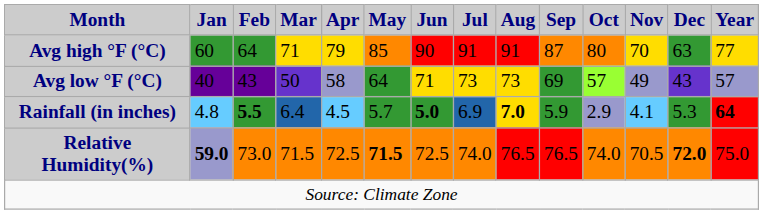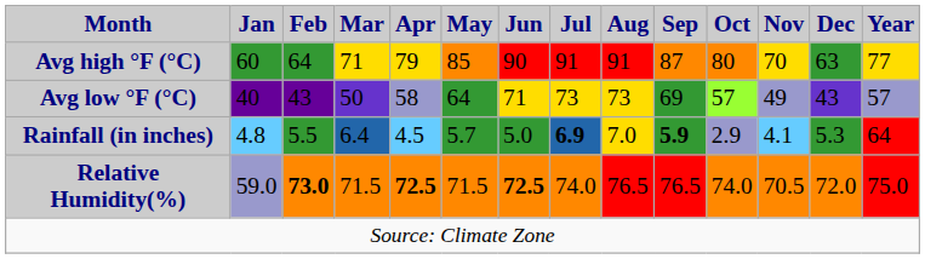 <table class="wikitable" style="margin:1em auto;">
 <tr>
 <th style="background:#ccc; color:navy; height:17px;">Month</th>
 <th style="background:#ccc; color:navy;">Jan</th>
 <th style="background:#ccc; color:navy;">Feb</th>
 <th style="background:#ccc; color:navy;">Mar</th>
 <th style="background:#ccc; color:navy;">Apr</th>
 <th style="background:#ccc; color:navy;">May</th>
 <th style="background:#ccc; color:navy;">Jun</th>
 <th style="background:#ccc; color:navy;">Jul</th>
 <th style="background:#ccc; color:navy;">Aug</th>
 <th style="background:#ccc; color:navy;">Sep</th>
 <th style="background:#ccc; color:navy;">Oct</th>
 <th style="background:#ccc; color:navy;">Nov</th>
 <th style="background:#ccc; color:navy;">Dec</th>
 <th style="background:#ccc; color:navy;">Year</th>
 </tr>
 <tr>
 <th style="background:#ccc; color:navy;">Avg high °F (°C)</th>
 <td style="background:#393; color:black;">60</td>
 <td style="background:#393; color:black;">64</td>
 <td style="background:#fd0; color:black;">71</td>
 <td style="background:#fd0; color:black;">79</td>
 <td style="background: #FF8800; color: black;">85</td>
 <td style="background:#f00; color:black;">90</td>
 <td style="background:#f00; color:black;">91</td>
 <td style="background:#f00; color:black;">91</td>
 <td style="background: #FF8800; color: black;">87</td>
 <td style="background: #FF8800; color: black;">80</td>
 <td style="background:#fd0; color:black;">70</td>
 <td style="background:#393; color:black;">63</td>
 <td style="background:#fd0; color:black;">77</td>
 </tr>
 <tr>
 <th style="background:#ccc; color:navy; height:16px;">Avg low °F (°C)</th>
 <td style="background:#609; color:black;">40</td>
 <td style="background:#609; color:black;">43</td>
 <td style="background:#63c; color:black;">50</td>
 <td style="background:#99c; color:black;">58</td>
 <td style="background:#393; color:black;">64</td>
 <td style="background:#fd0; color:black;">71</td>
 <td style="background:#fd0; color:black;">73</td>
 <td style="background:#fd0; color:black;">73</td>
 <td style="background:#393; color:black;">69</td>
 <td style="background:#9f3; color:black;">57</td>
 <td style="background:#99c; color:black;">49</td>
 <td style="background:#63c; color:black;">43</td>
 <td style="background:#99c; color:black;">57</td>
 </tr>
 <tr>
 <th style="background:#ccc; color:navy;">Rainfall (in inches)</th>
 <td style="background:#6cf;">4.8</td>
-<td style="background:#393;"><strong>5.5</strong></td>
+<td style="background:#393;">5.5</td>
 <td style="background:#26a;">6.4</td>
 <td style="background:#6cf;">4.5</td>
 <td style="background:#393;">5.7</td>
-<td style="background:#393;"><strong>5.0</strong></td>
-<td style="background:#26a;">6.9</td>
-<td style="background:#fd0;"><strong>7.0</strong></td>
-<td style="background:#393;">5.9</td>
+<td style="background:#393;">5.0</td>
+<td style="background:#26a;"><strong>6.9</strong></td>
+<td style="background:#fd0;">7.0</td>
+<td style="background:#393;"><strong>5.9</strong></td>
 <td style="background:#99c;">2.9</td>
 <td style="background:#6cf;">4.1</td>
 <td style="background:#393;">5.3</td>
-<td style="background:#f00;"><strong>64</strong></td>
+<td style="background:#f00;">64</td>
 </tr>
 <tr>
 <th style="background:#ccc; color:navy;">Relative Humidity(%)</th>
-<td style="background:#99c;"><strong>59.0</strong></td>
-<td style="background: #FF8800;">73.0</td>
+<td style="background:#99c;">59.0</td>
+<td style="background: #FF8800;"><strong>73.0</strong></td>
 <td style="background: #FF8800;">71.5</td>
-<td style="background: #FF8800;">72.5</td>
-<td style="background: #FF8800;"><strong>71.5</strong></td>
-<td style="background: #FF8800;">72.5</td>
+<td style="background: #FF8800;"><strong>72.5</strong></td>
+<td style="background: #FF8800;">71.5</td>
+<td style="background: #FF8800;"><strong>72.5</strong></td>
 <td style="background: #FF8800;">74.0</td>
 <td style="background:#f00;">76.5</td>
 <td style="background:#f00;">76.5</td>
 <td style="background: #FF8800;">74.0</td>
 <td style="background: #FF8800;">70.5</td>
-<td style="background: #FF8800;"><strong>72.0</strong></td>
+<td style="background: #FF8800;">72.0</td>
 <td style="background:#f00;">75.0</td>
 </tr>
 <tr>
 <td colspan="14" style="text-align:center;font-size:90%;"><em>Source: Climate Zone</em></td>
 </tr>
 </table>
